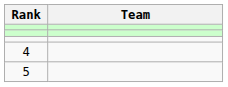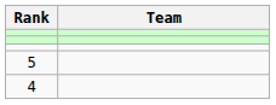 <table class=wikitable style="text-align:center;">
 <tr>
 <th width=40>Rank</th>
 <th width=180>Team</th>
 </tr>
 <tr bgcolor=#ccffcc>
 <td></td>
 <td align=left></td>
 </tr>
 <tr bgcolor=#ccffcc>
 <td></td>
 <td align=left></td>
 </tr>
 <tr>
 <td></td>
 <td align=left></td>
 </tr>
 <tr>
+<td>5</td>
+<td align=left></td>
+</tr>
+<tr>
 <td>4</td>
 <td align=left></td>
 </tr>
-<tr>
-<td>5</td>
-<td align=left></td>
-</tr>
 </table>
